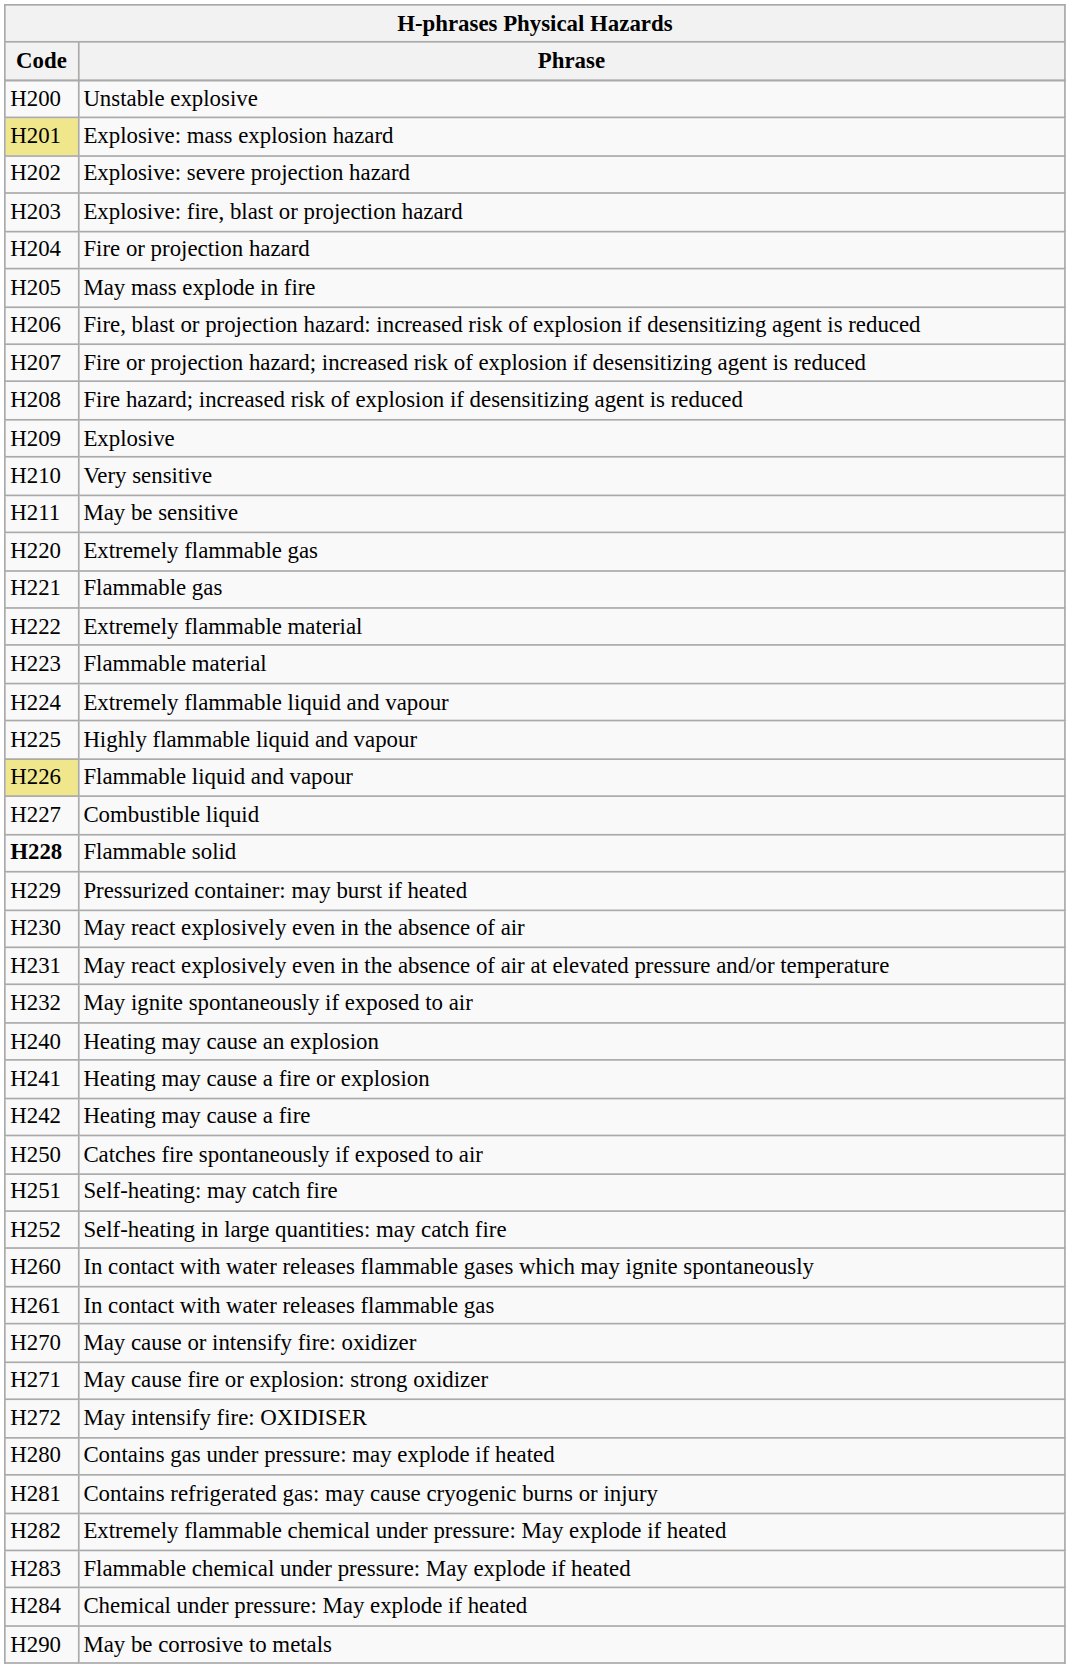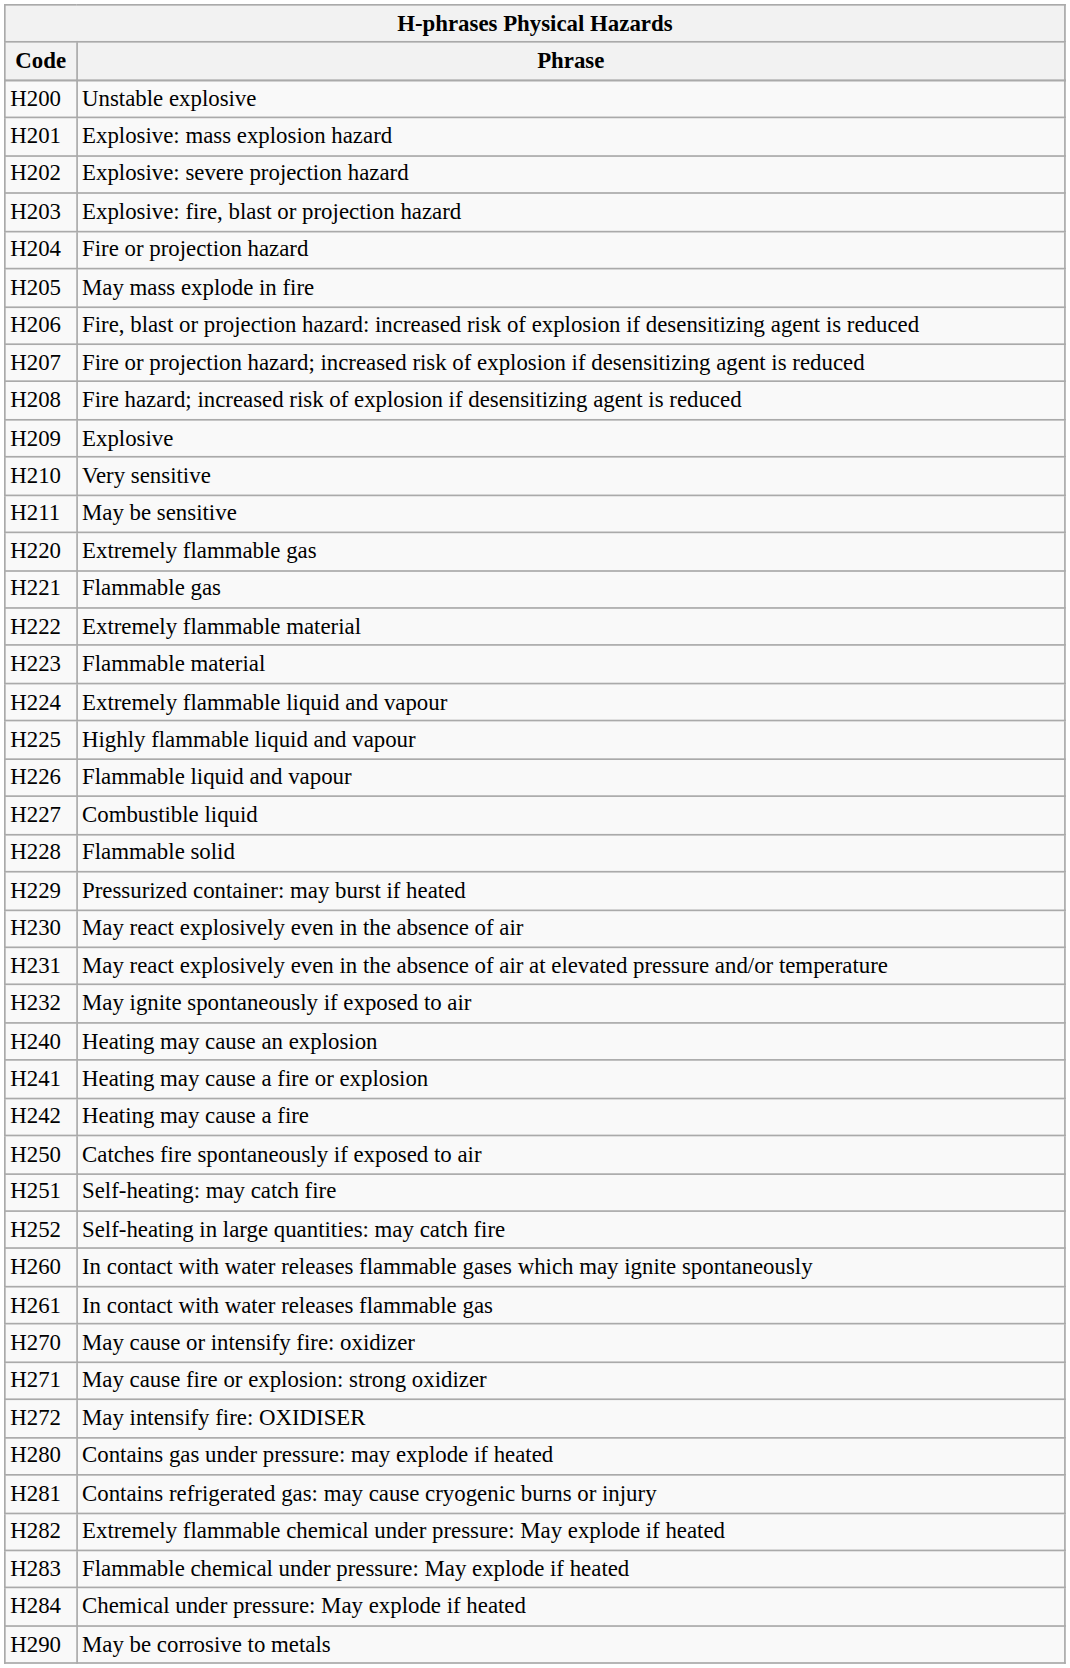 <table class="wikitable sortable mw-collapsible uncollapsed" style="min-width:50%; font-size:85%">
 <tr>
 <th colspan="2">H-phrases Physical Hazards</th>
 </tr>
 <tr>
 <th style="min-width:15%;">Code</th>
 <th>Phrase</th>
 </tr>
 <tr>
 </tr>
 <tr>
 <td datasortvalue="1"><span>H200</span></td>
 <td>Unstable explosive</td>
 </tr>
 <tr>
-<td datasortvalue="2" style="background: khaki;"><span>H201</span></td>
+<td datasortvalue="2"><span>H201</span></td>
 <td>Explosive: mass explosion hazard</td>
 </tr>
 <tr>
 <td datasortvalue="3"><span>H202</span></td>
 <td>Explosive: severe projection hazard</td>
 </tr>
 <tr>
 <td datasortvalue="4"><span>H203</span></td>
 <td>Explosive: fire, blast or projection hazard</td>
 </tr>
 <tr>
 <td datasortvalue="5"><span>H204</span></td>
 <td>Fire or projection hazard</td>
 </tr>
 <tr>
 <td datasortvalue="6"><span>H205</span></td>
 <td>May mass explode in fire</td>
 </tr>
 <tr>
 <td datasortvalue="7"><span>H206</span></td>
 <td>Fire, blast or projection hazard: increased risk of explosion if desensitizing agent is reduced</td>
 </tr>
 <tr>
 <td datasortvalue="8"><span>H207</span></td>
 <td>Fire or projection hazard; increased risk of explosion if desensitizing agent is reduced</td>
 </tr>
 <tr>
 <td datasortvalue="9"><span>H208</span></td>
 <td>Fire hazard; increased risk of explosion if desensitizing agent is reduced</td>
 </tr>
 <tr>
 <td datasortvalue="10"><span>H209</span></td>
 <td>Explosive</td>
 </tr>
 <tr>
 <td datasortvalue="11"><span>H210</span></td>
 <td>Very sensitive</td>
 </tr>
 <tr>
 <td datasortvalue="12"><span>H211</span></td>
 <td>May be sensitive</td>
 </tr>
 <tr>
 <td datasortvalue="13"><span>H220</span></td>
 <td>Extremely flammable gas</td>
 </tr>
 <tr>
 <td datasortvalue="14"><span>H221</span></td>
 <td>Flammable gas</td>
 </tr>
 <tr>
 <td datasortvalue="15"><span>H222</span></td>
 <td>Extremely flammable material</td>
 </tr>
 <tr>
 <td datasortvalue="16"><span>H223</span></td>
 <td>Flammable material</td>
 </tr>
 <tr>
 <td datasortvalue="17"><span>H224</span></td>
 <td>Extremely flammable liquid and vapour</td>
 </tr>
 <tr>
 <td datasortvalue="18"><span>H225</span></td>
 <td>Highly flammable liquid and vapour</td>
 </tr>
 <tr>
-<td datasortvalue="19" style="background: khaki;"><span>H226</span></td>
+<td datasortvalue="19"><span>H226</span></td>
 <td>Flammable liquid and vapour</td>
 </tr>
 <tr>
 <td datasortvalue="20"><span>H227</span></td>
 <td>Combustible liquid</td>
 </tr>
 <tr>
-<td datasortvalue="21"><strong><span>H228</span></strong></td>
+<td datasortvalue="21"><span>H228</span></td>
 <td>Flammable solid</td>
 </tr>
 <tr>
 <td datasortvalue="22"><span>H229</span></td>
 <td>Pressurized container: may burst if heated</td>
 </tr>
 <tr>
 <td datasortvalue="23"><span>H230</span></td>
 <td>May react explosively even in the absence of air</td>
 </tr>
 <tr>
 <td datasortvalue="24"><span>H231</span></td>
 <td>May react explosively even in the absence of air at elevated pressure and/or temperature</td>
 </tr>
 <tr>
 <td>H232</td>
 <td>May ignite spontaneously if exposed to air</td>
 </tr>
 <tr>
 <td datasortvalue="25"><span>H240</span></td>
 <td>Heating may cause an explosion</td>
 </tr>
 <tr>
 <td datasortvalue="26"><span>H241</span></td>
 <td>Heating may cause a fire or explosion</td>
 </tr>
 <tr>
 <td datasortvalue="27"><span>H242</span></td>
 <td>Heating may cause a fire</td>
 </tr>
 <tr>
 <td datasortvalue="28"><span>H250</span></td>
 <td>Catches fire spontaneously if exposed to air</td>
 </tr>
 <tr>
 <td datasortvalue="29"><span>H251</span></td>
 <td>Self-heating: may catch fire</td>
 </tr>
 <tr>
 <td datasortvalue="30"><span>H252</span></td>
 <td>Self-heating in large quantities: may catch fire</td>
 </tr>
 <tr>
 <td datasortvalue="31"><span>H260</span></td>
 <td>In contact with water releases flammable gases which may ignite spontaneously</td>
 </tr>
 <tr>
 <td datasortvalue="32"><span>H261</span></td>
 <td>In contact with water releases flammable gas</td>
 </tr>
 <tr>
 <td datasortvalue="33"><span>H270</span></td>
 <td>May cause or intensify fire: oxidizer</td>
 </tr>
 <tr>
 <td datasortvalue="34"><span>H271</span></td>
 <td>May cause fire or explosion: strong oxidizer</td>
 </tr>
 <tr>
 <td datasortvalue="35"><span>H272</span></td>
 <td>May intensify fire: OXIDISER</td>
 </tr>
 <tr>
 <td datasortvalue="36"><span>H280</span></td>
 <td>Contains gas under pressure: may explode if heated</td>
 </tr>
 <tr>
 <td datasortvalue="37"><span>H281</span></td>
 <td>Contains refrigerated gas: may cause cryogenic burns or injury</td>
 </tr>
 <tr>
 <td datasortvalue="38"><span>H282</span></td>
 <td>Extremely flammable chemical under pressure: May explode if heated</td>
 </tr>
 <tr>
 <td datasortvalue="39"><span>H283</span></td>
 <td>Flammable chemical under pressure: May explode if heated</td>
 </tr>
 <tr>
 <td datasortvalue="40"><span>H284</span></td>
 <td>Chemical under pressure: May explode if heated</td>
 </tr>
 <tr>
 <td datasortvalue="41"><span>H290</span></td>
 <td>May be corrosive to metals</td>
 </tr>
 </table>
